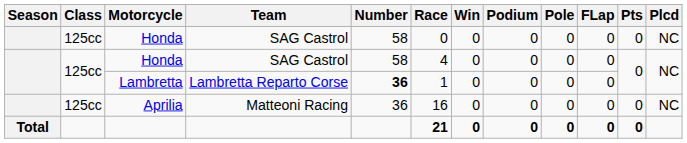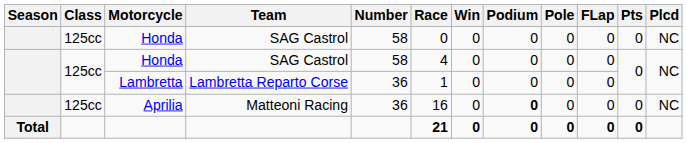 <table class="wikitable">
 <tr>
 <th>Season</th>
 <th>Class</th>
 <th>Motorcycle</th>
 <th>Team</th>
 <th>Number</th>
 <th>Race</th>
 <th>Win</th>
 <th>Podium</th>
 <th>Pole</th>
 <th>FLap</th>
 <th>Pts</th>
 <th>Plcd</th>
 </tr>
 <tr align="right">
 <th></th>
 <td>125cc</td>
 <td><a href='#'>Honda</a></td>
 <td>SAG Castrol</td>
 <td>58</td>
 <td>0</td>
 <td>0</td>
 <td>0</td>
 <td>0</td>
 <td>0</td>
 <td>0</td>
 <td>NC</td>
 </tr>
 <tr align="right">
 <th rowspan=2></th>
 <td rowspan=2>125cc</td>
 <td><a href='#'>Honda</a></td>
 <td>SAG Castrol</td>
 <td>58</td>
 <td>4</td>
 <td>0</td>
 <td>0</td>
 <td>0</td>
 <td>0</td>
 <td rowspan=2>0</td>
 <td rowspan=2>NC</td>
 </tr>
 <tr align="right">
 <td><a href='#'>Lambretta</a></td>
 <td><a href='#'>Lambretta Reparto Corse</a></td>
-<td><strong>36</strong></td>
+<td>36</td>
 <td>1</td>
 <td>0</td>
 <td>0</td>
 <td>0</td>
 <td>0</td>
 </tr>
 <tr align="right">
 <th></th>
 <td>125cc</td>
 <td><a href='#'>Aprilia</a></td>
 <td>Matteoni Racing</td>
 <td>36</td>
 <td>16</td>
 <td>0</td>
-<td>0</td>
+<td><strong>0</strong></td>
 <td>0</td>
 <td>0</td>
 <td>0</td>
 <td>NC</td>
 </tr>
 <tr align="right">
 <th>Total</th>
 <td></td>
 <td></td>
 <td></td>
 <td></td>
 <td><strong>21</strong></td>
 <td><strong>0</strong></td>
 <td><strong>0</strong></td>
 <td><strong>0</strong></td>
 <td><strong>0</strong></td>
 <td><strong>0</strong></td>
 <td></td>
 </tr>
 </table>
